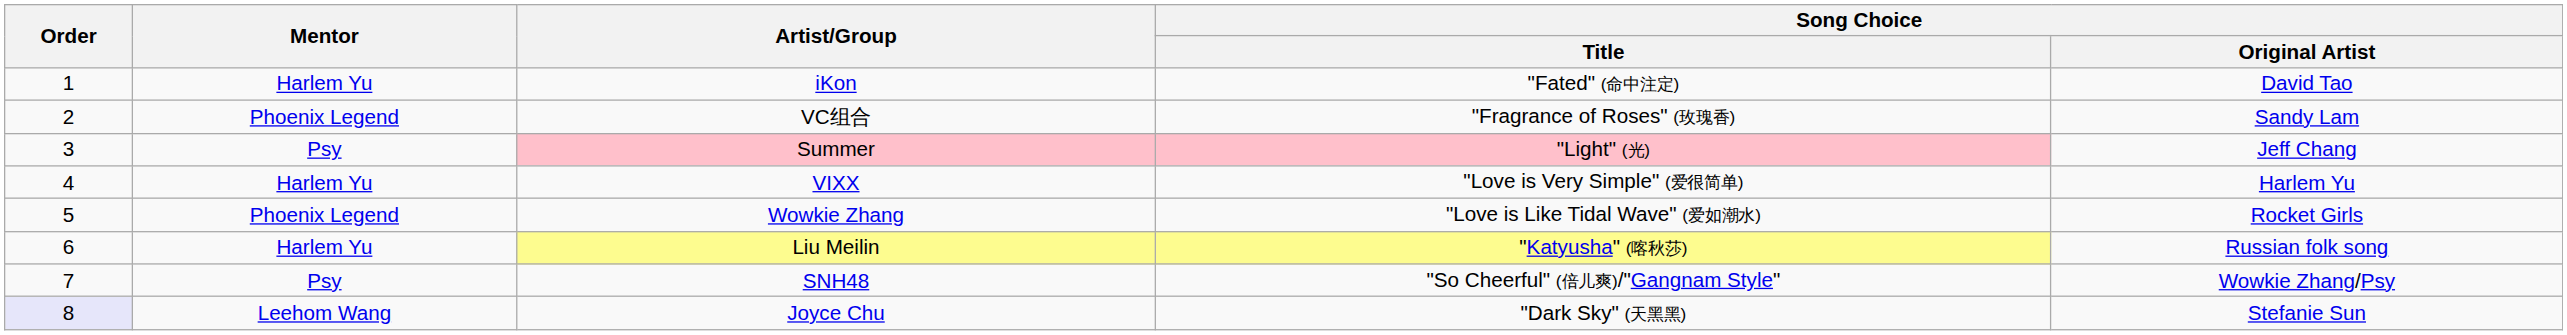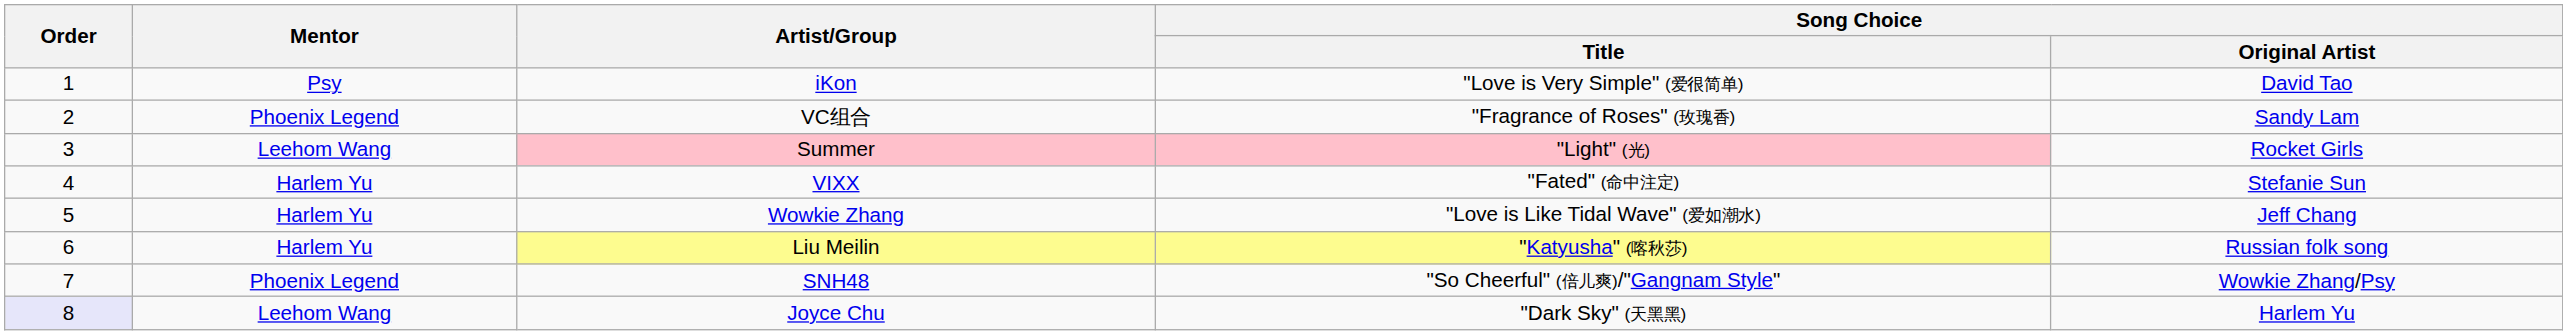 <table class="wikitable" style="text-align:center; line-height:17px; font-size:100%; width:100%;">
 <tr>
 <th scope="col" rowspan="2" width="05%">Order</th>
 <th scope="col" rowspan="2" width="15%">Mentor</th>
 <th scope="col" rowspan="2" width="25%">Artist/Group</th>
 <th scope="col" colspan="2">Song Choice</th>
 </tr>
 <tr>
 <th scope="col" width="35%">Title</th>
 <th scope="col" width="20%">Original Artist</th>
 </tr>
 <tr>
 <td scope="row">1</td>
-<td scope="row"><a href='#'>Harlem Yu</a></td>
+<td scope="row"><a href='#'>Psy</a></td>
 <td scope="row"><a href='#'>iKon</a></td>
-<td scope="row">"Fated" <small>(命中注定)</small></td>
+<td scope="row">"Love is Very Simple" <small>(爱很简单)</small></td>
 <td scope="row"><a href='#'>David Tao</a></td>
 </tr>
 <tr>
 <td scope="row">2</td>
 <td scope="row"><a href='#'>Phoenix Legend</a></td>
 <td scope="row">VC组合</td>
 <td scope="row">"Fragrance of Roses" <small>(玫瑰香)</small></td>
 <td scope="row"><a href='#'>Sandy Lam</a></td>
 </tr>
 <tr>
 <td scope="row">3</td>
-<td scope="row"><a href='#'>Psy</a></td>
+<td scope="row"><a href='#'>Leehom Wang</a></td>
 <td style="background:pink; scope:row">Summer</td>
 <td style="background:pink; scope:row">"Light" <small>(光)</small></td>
-<td scope="row"><a href='#'>Jeff Chang</a></td>
+<td scope="row"><a href='#'>Rocket Girls</a></td>
 </tr>
 <tr>
 <td scope="row">4</td>
 <td scope="row"><a href='#'>Harlem Yu</a></td>
 <td scope="row"><a href='#'>VIXX</a></td>
-<td scope="row">"Love is Very Simple" <small>(爱很简单)</small></td>
-<td scope="row"><a href='#'>Harlem Yu</a></td>
+<td scope="row">"Fated" <small>(命中注定)</small></td>
+<td scope="row"><a href='#'>Stefanie Sun</a></td>
 </tr>
 <tr>
 <td scope="row">5</td>
-<td scope="row"><a href='#'>Phoenix Legend</a></td>
+<td scope="row"><a href='#'>Harlem Yu</a></td>
 <td scope="row"><a href='#'>Wowkie Zhang</a></td>
 <td scope="row">"Love is Like Tidal Wave" <small>(爱如潮水)</small></td>
-<td scope="row"><a href='#'>Rocket Girls</a></td>
+<td scope="row"><a href='#'>Jeff Chang</a></td>
 </tr>
 <tr>
 <td scope="row">6</td>
 <td scope="row"><a href='#'>Harlem Yu</a></td>
 <td style="background:#fdfc8f; scope:row">Liu Meilin</td>
 <td style="background:#fdfc8f; scope:row">"<a href='#'>Katyusha</a>" <small>(喀秋莎)</small></td>
 <td scope="row"><a href='#'>Russian folk song</a></td>
 </tr>
 <tr>
 <td scope="row">7</td>
-<td scope="row"><a href='#'>Psy</a></td>
+<td scope="row"><a href='#'>Phoenix Legend</a></td>
 <td scope="row"><a href='#'>SNH48</a></td>
 <td scope="row">"So Cheerful" <small>(倍儿爽)</small>/"<a href='#'>Gangnam Style</a>"</td>
 <td scope="row"><a href='#'>Wowkie Zhang</a>/<a href='#'>Psy</a></td>
 </tr>
 <tr>
 <td scope="row" style="background: lavender;">8</td>
 <td scope="row"><a href='#'>Leehom Wang</a></td>
 <td scope="row"><a href='#'>Joyce Chu</a></td>
 <td scope="row">"Dark Sky" <small>(天黑黑)</small></td>
-<td scope="row"><a href='#'>Stefanie Sun</a></td>
+<td scope="row"><a href='#'>Harlem Yu</a></td>
 </tr>
 </table>
